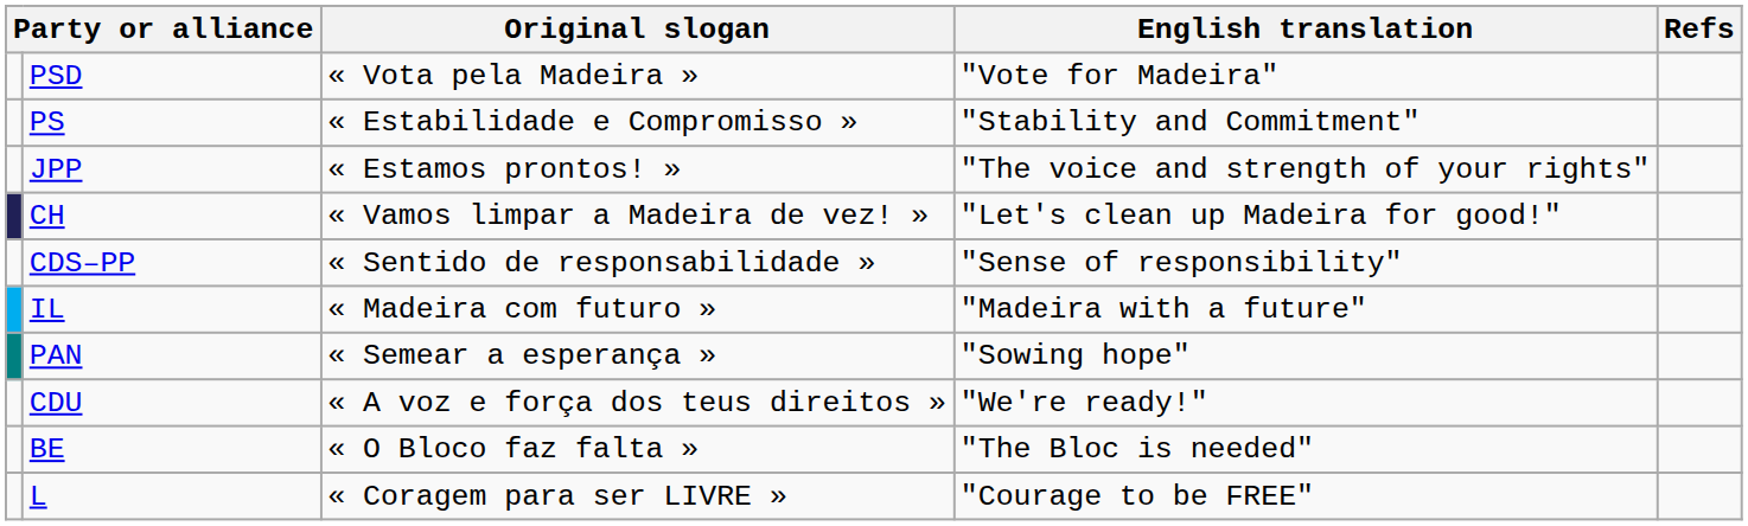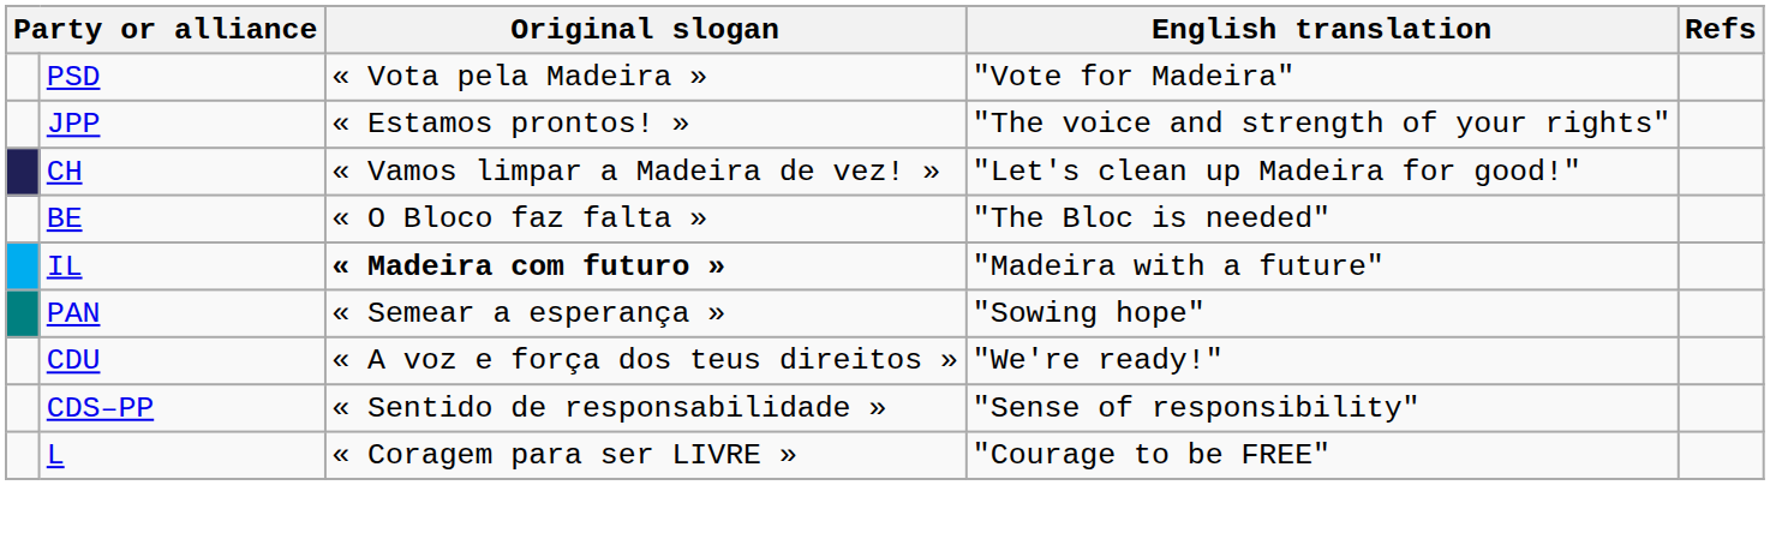 <table class="wikitable" style="font-size:97%; text-align:left;">
 <tr>
 <th colspan="2" style="text-align:left;">Party or alliance</th>
 <th>Original slogan</th>
 <th>English translation</th>
 <th>Refs</th>
 </tr>
 <tr>
 <td style="color:inherit;background:"></td>
 <td><a href='#'>PSD</a></td>
 <td>« Vota pela Madeira »</td>
 <td>"Vote for Madeira"</td>
-<td></td>
-</tr>
-<tr>
-<td width="1" style="color:inherit;background:"></td>
-<td><a href='#'>PS</a></td>
-<td>« Estabilidade e Compromisso »</td>
-<td>"Stability and Commitment"</td>
 <td></td>
 </tr>
 <tr>
 <td style="color:inherit;background:"></td>
 <td><a href='#'>JPP</a></td>
 <td>« Estamos prontos! »</td>
 <td>"The voice and strength of your rights"</td>
 <td></td>
 </tr>
 <tr>
 <td style="background:#202056;"></td>
 <td><a href='#'>CH</a></td>
 <td>« Vamos limpar a Madeira de vez! »</td>
 <td>"Let's clean up Madeira for good!"</td>
 <td></td>
 </tr>
 <tr>
 <td style="color:inherit;background:"></td>
-<td><a href='#'>CDS–PP</a></td>
-<td>« Sentido de responsabilidade »</td>
-<td>"Sense of responsibility"</td>
+<td><a href='#'>BE</a></td>
+<td>« O Bloco faz falta »</td>
+<td>"The Bloc is needed"</td>
 <td></td>
 </tr>
 <tr>
 <td style="background:#00ADEF;"></td>
 <td><a href='#'>IL</a></td>
-<td>« Madeira com futuro »</td>
+<td><strong>« Madeira com futuro »</strong></td>
 <td>"Madeira with a future"</td>
 <td></td>
 </tr>
 <tr>
 <td style="background:teal;"></td>
 <td><a href='#'>PAN</a></td>
 <td>« Semear a esperança »</td>
 <td>"Sowing hope"</td>
 <td></td>
 </tr>
 <tr>
 <td style="color:inherit;background:"></td>
 <td><a href='#'>CDU</a></td>
 <td>« A voz e força dos teus direitos »</td>
 <td>"We're ready!"</td>
 <td></td>
 </tr>
 <tr>
 <td style="color:inherit;background:"></td>
-<td><a href='#'>BE</a></td>
-<td>« O Bloco faz falta »</td>
-<td>"The Bloc is needed"</td>
+<td><a href='#'>CDS–PP</a></td>
+<td>« Sentido de responsabilidade »</td>
+<td>"Sense of responsibility"</td>
 <td></td>
 </tr>
 <tr>
 <td style="color:inherit;background:"></td>
 <td><a href='#'>L</a></td>
 <td>« Coragem para ser LIVRE »</td>
 <td>"Courage to be FREE"</td>
 <td></td>
 </tr>
 </table>
